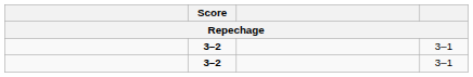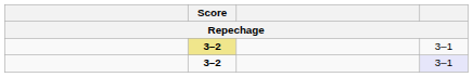 <table class="wikitable" style="text-align: left;">
 <tr>
 <th align="right" width="270"></th>
 <th width="65">Score</th>
 <th align="left" width="270"></th>
 <th width="65"></th>
 </tr>
 <tr>
 <th colspan=4>Repechage</th>
 </tr>
 <tr>
 <td><strong></strong></td>
-<td align="center"><strong>3–2</strong></td>
+<td align="center" style="background: khaki;"><strong>3–2</strong></td>
 <td></td>
 <td align=center>3–1 <strong></strong></td>
 </tr>
 <tr>
 <td><strong></strong></td>
 <td align="center"><strong>3–2</strong></td>
 <td></td>
-<td align=center>3–1 <strong></strong></td>
+<td align=center style="background: lavender;">3–1 <strong></strong></td>
 </tr>
 </table>
